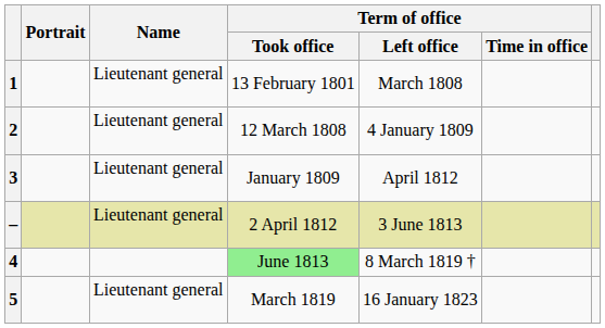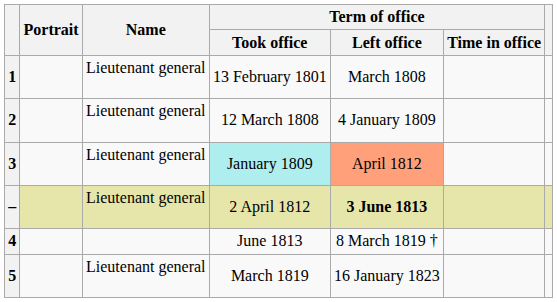 <table class="wikitable" style="text-align:center">
 <tr>
 <th rowspan=2></th>
 <th rowspan=2>Portrait</th>
 <th rowspan=2>Name<br></th>
 <th colspan=3>Term of office</th>
 <th rowspan=2></th>
 </tr>
 <tr>
 <th>Took office</th>
 <th>Left office</th>
 <th>Time in office</th>
 </tr>
 <tr>
 <th>1</th>
 <td></td>
 <td>Lieutenant general<br><strong></strong><br></td>
 <td>13 February 1801</td>
 <td>March 1808</td>
 <td></td>
 <td></td>
 </tr>
 <tr>
 <th>2</th>
 <td></td>
 <td>Lieutenant general<br><strong></strong><br></td>
 <td>12 March 1808</td>
 <td>4 January 1809</td>
 <td></td>
 <td><br></td>
 </tr>
 <tr>
 <th>3</th>
 <td></td>
 <td>Lieutenant general<br><strong></strong><br></td>
-<td>January 1809</td>
-<td>April 1812</td>
+<td style="background: paleturquoise;">January 1809</td>
+<td style="background: lightsalmon;">April 1812</td>
 <td></td>
 <td></td>
 </tr>
 <tr style="background:#e6e6aa;">
 <th>–</th>
 <td></td>
 <td>Lieutenant general<br><strong></strong><br></td>
 <td>2 April 1812</td>
-<td>3 June 1813</td>
+<td><strong>3 June 1813</strong></td>
 <td></td>
 <td></td>
 </tr>
 <tr>
 <th>4</th>
 <td></td>
 <td><strong></strong><br></td>
-<td style="background: lightgreen;">June 1813</td>
+<td>June 1813</td>
 <td>8 March 1819 †</td>
 <td></td>
 <td></td>
 </tr>
 <tr>
 <th>5</th>
 <td></td>
 <td>Lieutenant general<br><strong></strong><br></td>
 <td>March 1819</td>
 <td>16 January 1823</td>
 <td></td>
 <td></td>
 </tr>
 </table>
